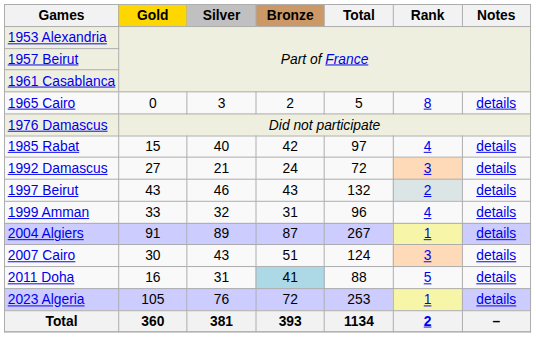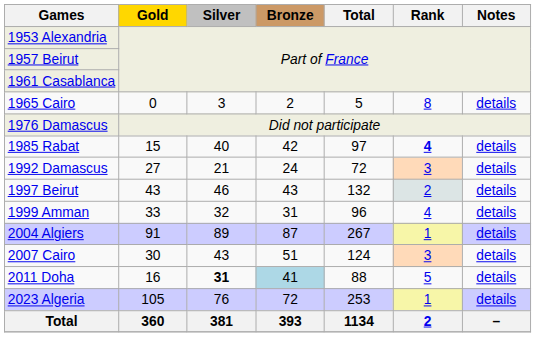 <table class="wikitable" style="font-size:90%; text-align:center;">
 <tr>
 <th>Games</th>
 <td style="background:gold; width:4.5em; font-weight:bold;">Gold</td>
 <td style="background:silver; width:4.5em; font-weight:bold;">Silver</td>
 <td style="background:#cc9966; width:4.5em; font-weight:bold;">Bronze</td>
 <th style="width:4.5em; font-weight:bold;">Total</th>
 <th style="width:4.5em; font-weight:bold;">Rank</th>
 <th style="width:4.5em; font-weight:bold;">Notes</th>
 </tr>
 <tr bgcolor="efefe">
 <td align=left> <a href='#'>1953 Alexandria</a></td>
 <td colspan=6 rowspan=3><em>Part of <a href='#'>France</a></em></td>
 </tr>
 <tr bgcolor="efefe">
 <td align=left> <a href='#'>1957 Beirut</a></td>
 </tr>
 <tr bgcolor="efefe">
 <td align=left> <a href='#'>1961 Casablanca</a></td>
 </tr>
 <tr>
 <td align=left> <a href='#'>1965 Cairo</a></td>
 <td>0</td>
 <td>3</td>
 <td>2</td>
 <td>5</td>
 <td><a href='#'>8</a></td>
 <td><a href='#'>details</a></td>
 </tr>
 <tr bgcolor="efefe">
 <td align=left> <a href='#'>1976 Damascus</a></td>
 <td colspan=6><em>Did not participate</em></td>
 </tr>
 <tr>
 <td align=left> <a href='#'>1985 Rabat</a></td>
 <td>15</td>
 <td>40</td>
 <td>42</td>
 <td>97</td>
-<td><a href='#'>4</a></td>
+<td><strong><a href='#'>4</a></strong></td>
 <td><a href='#'>details</a></td>
 </tr>
 <tr>
 <td align=left> <a href='#'>1992 Damascus</a></td>
 <td>27</td>
 <td>21</td>
 <td>24</td>
 <td>72</td>
 <td bgcolor=ffdab9><a href='#'>3</a></td>
 <td><a href='#'>details</a></td>
 </tr>
 <tr>
 <td align=left> <a href='#'>1997 Beirut</a></td>
 <td>43</td>
 <td>46</td>
 <td>43</td>
 <td>132</td>
 <td bgcolor=DCE5E5><a href='#'>2</a></td>
 <td><a href='#'>details</a></td>
 </tr>
 <tr>
 <td align=left> <a href='#'>1999 Amman</a></td>
 <td>33</td>
 <td>32</td>
 <td>31</td>
 <td>96</td>
 <td><a href='#'>4</a></td>
 <td><a href='#'>details</a></td>
 </tr>
 <tr style="background:#ccccff">
 <td align=left> <a href='#'>2004 Algiers</a></td>
 <td>91</td>
 <td>89</td>
 <td>87</td>
 <td>267</td>
 <td bgcolor=F7F6A8><a href='#'>1</a></td>
 <td><a href='#'>details</a></td>
 </tr>
 <tr>
 <td align=left> <a href='#'>2007 Cairo</a></td>
 <td>30</td>
 <td>43</td>
 <td>51</td>
 <td>124</td>
 <td bgcolor=ffdab9><a href='#'>3</a></td>
 <td><a href='#'>details</a></td>
 </tr>
 <tr>
 <td align=left> <a href='#'>2011 Doha</a></td>
 <td>16</td>
-<td>31</td>
+<td><strong>31</strong></td>
 <td style="background: lightblue;">41</td>
 <td>88</td>
 <td><a href='#'>5</a></td>
 <td><a href='#'>details</a></td>
 </tr>
 <tr style="background:#ccccff">
 <td align=left> <a href='#'>2023 Algeria </a></td>
 <td>105</td>
 <td>76</td>
 <td>72</td>
 <td>253</td>
 <td bgcolor=F7F6A8><a href='#'>1</a></td>
 <td><a href='#'>details</a></td>
 </tr>
 <tr style="width:4em;">
 <th>Total</th>
 <th>360</th>
 <th>381</th>
 <th>393</th>
 <th>1134</th>
 <th><a href='#'>2</a></th>
 <th>–</th>
 </tr>
 <tr class="sortbottom">
 </tr>
 </table>
